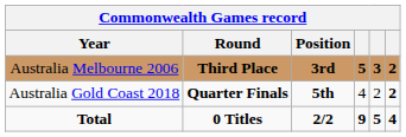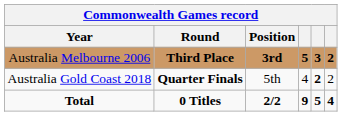 <table class="wikitable" style="text-align: center;">
 <tr>
 <th colspan=10><a href='#'>Commonwealth Games record</a></th>
 </tr>
 <tr>
 <th>Year</th>
 <th>Round</th>
 <th>Position</th>
 <th></th>
 <th></th>
 <th></th>
 </tr>
 <tr bgcolor=cc9966>
 <td>Australia <a href='#'>Melbourne 2006</a></td>
 <td><strong>Third Place</strong></td>
 <td><strong>3rd</strong></td>
 <td><strong>5</strong></td>
 <td><strong>3</strong></td>
 <td><strong>2</strong></td>
 </tr>
 <tr bgcolor=>
 <td>Australia <a href='#'>Gold Coast 2018</a></td>
 <td><strong>Quarter Finals</strong></td>
-<td><strong>5th</strong></td>
+<td>5th</td>
 <td>4</td>
+<td><strong>2</strong></td>
 <td>2</td>
-<td><strong>2</strong></td>
 </tr>
 <tr>
 <td colspan=1><strong>Total</strong></td>
 <td><strong>0 Titles</strong></td>
 <td><strong>2/2</strong></td>
 <td><strong>9</strong></td>
 <td><strong>5</strong></td>
 <td><strong>4</strong></td>
 </tr>
 </table>
